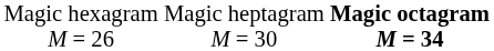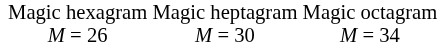 <table style="margin:auto">
 <tr valign="bottom">
 <td style="padding: 0 1em"></td>
 <td style="padding: 0 1em"></td>
 <td style="padding: 0 1em"></td>
 </tr>
 <tr>
 <td align="center">Magic hexagram<br><em>M</em> = 26</td>
 <td align="center">Magic heptagram<br><em>M</em> = 30</td>
-<td align="center"><strong>Magic octagram<br><em>M</em> = 34</strong></td>
+<td align="center">Magic octagram<br><em>M</em> = 34</td>
 </tr>
 </table>
